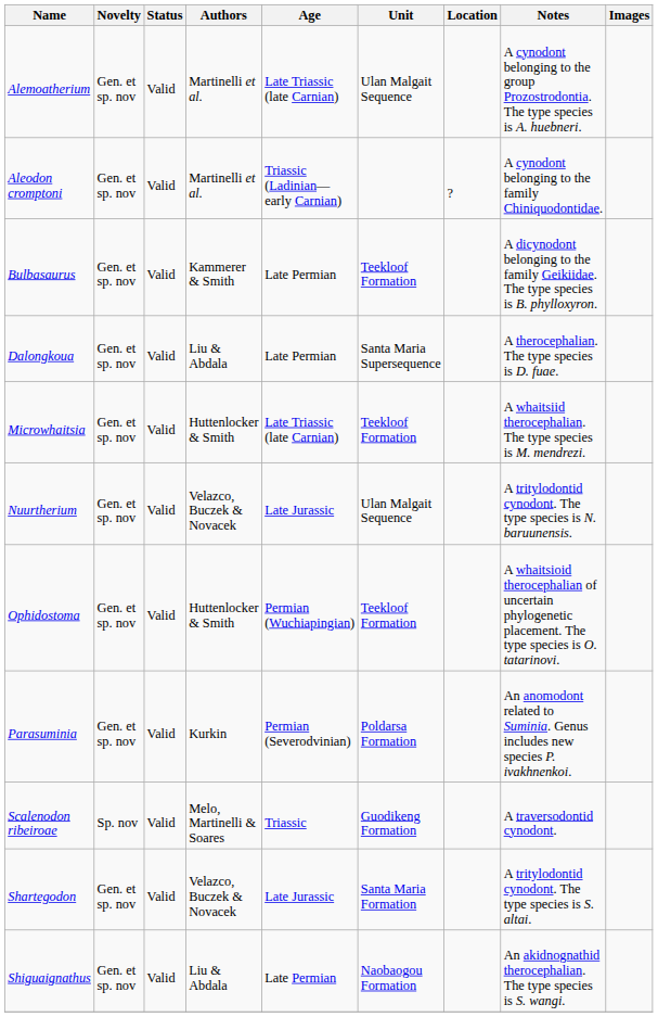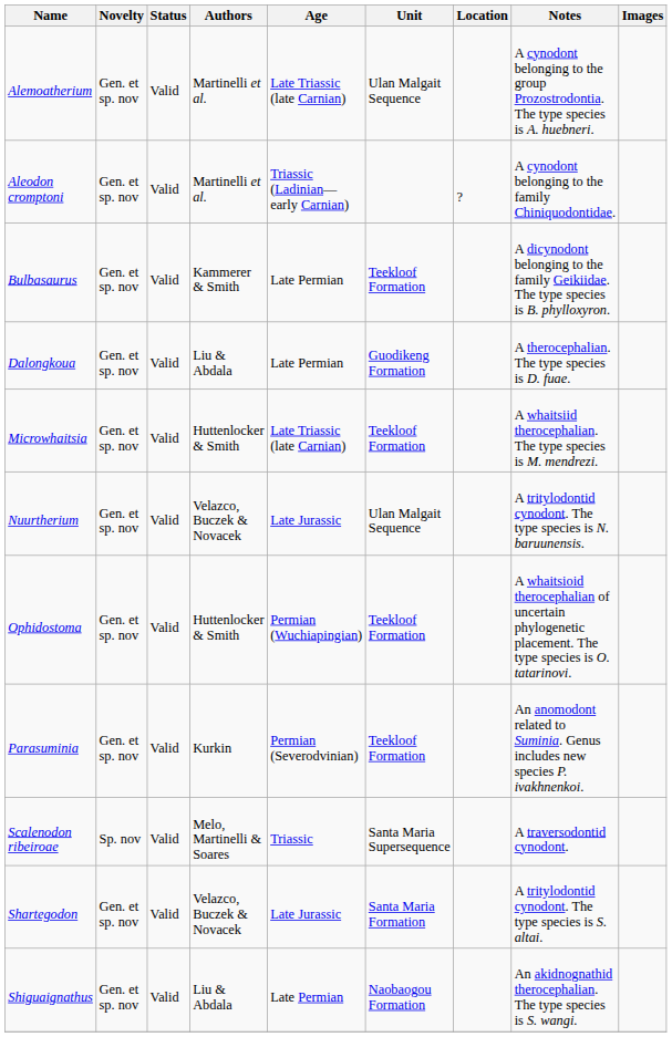 <table class="wikitable sortable" align="center" width="100%">
 <tr>
 <th>Name</th>
 <th>Novelty</th>
 <th>Status</th>
 <th>Authors</th>
 <th>Age</th>
 <th>Unit</th>
 <th>Location</th>
 <th>Notes</th>
 <th>Images</th>
 </tr>
 <tr>
 <td><br><em><a href='#'>Alemoatherium</a></em></td>
 <td><br>Gen. et sp. nov</td>
 <td><br>Valid</td>
 <td><br>Martinelli <em>et al.</em></td>
 <td><br><a href='#'>Late Triassic</a> (late <a href='#'>Carnian</a>)</td>
 <td><br>Ulan Malgait Sequence</td>
 <td><br></td>
 <td><br>A <a href='#'>cynodont</a> belonging to the group <a href='#'>Prozostrodontia</a>. The type species is <em>A. huebneri</em>.</td>
 <td></td>
 </tr>
 <tr>
 <td><br><em><a href='#'>Aleodon cromptoni</a></em></td>
 <td><br>Gen. et sp. nov</td>
 <td><br>Valid</td>
 <td><br>Martinelli <em>et al.</em></td>
 <td><br><a href='#'>Triassic</a> (<a href='#'>Ladinian</a>—early <a href='#'>Carnian</a>)</td>
 <td></td>
 <td><br><br> ?</td>
 <td><br>A <a href='#'>cynodont</a> belonging to the family <a href='#'>Chiniquodontidae</a>.</td>
 <td></td>
 </tr>
 <tr>
 <td><br><em><a href='#'>Bulbasaurus</a></em></td>
 <td><br>Gen. et sp. nov</td>
 <td><br>Valid</td>
 <td><br>Kammerer & Smith</td>
 <td><br>Late Permian</td>
 <td><br><a href='#'>Teekloof Formation</a></td>
 <td><br></td>
 <td><br>A <a href='#'>dicynodont</a> belonging to the family <a href='#'>Geikiidae</a>. The type species is <em>B. phylloxyron</em>.</td>
 <td></td>
 </tr>
 <tr>
 <td><br><em><a href='#'>Dalongkoua</a></em></td>
 <td><br>Gen. et sp. nov</td>
 <td><br>Valid</td>
 <td><br>Liu & Abdala</td>
 <td><br>Late Permian</td>
-<td><br>Santa Maria Supersequence</td>
+<td><br><a href='#'>Guodikeng Formation</a></td>
 <td><br></td>
 <td><br>A <a href='#'>therocephalian</a>. The type species is <em>D. fuae</em>.</td>
 <td></td>
 </tr>
 <tr>
 <td><br><em><a href='#'>Microwhaitsia</a></em></td>
 <td><br>Gen. et sp. nov</td>
 <td><br>Valid</td>
 <td><br>Huttenlocker & Smith</td>
 <td><br><a href='#'>Late Triassic</a> (late <a href='#'>Carnian</a>)</td>
 <td><br><a href='#'>Teekloof Formation</a></td>
 <td><br></td>
 <td><br>A <a href='#'>whaitsiid</a> <a href='#'>therocephalian</a>. The type species is <em>M. mendrezi</em>.</td>
 <td></td>
 </tr>
 <tr>
 <td><br><em><a href='#'>Nuurtherium</a></em></td>
 <td><br>Gen. et sp. nov</td>
 <td><br>Valid</td>
 <td><br>Velazco, Buczek & Novacek</td>
 <td><br><a href='#'>Late Jurassic</a></td>
 <td><br>Ulan Malgait Sequence</td>
 <td><br></td>
 <td><br>A <a href='#'>tritylodontid</a> <a href='#'>cynodont</a>. The type species is <em>N. baruunensis</em>.</td>
 <td></td>
 </tr>
 <tr>
 <td><br><em><a href='#'>Ophidostoma</a></em></td>
 <td><br>Gen. et sp. nov</td>
 <td><br>Valid</td>
 <td><br>Huttenlocker & Smith</td>
 <td><br><a href='#'>Permian</a> (<a href='#'>Wuchiapingian</a>)</td>
 <td><br><a href='#'>Teekloof Formation</a></td>
 <td><br></td>
 <td><br>A <a href='#'>whaitsioid</a> <a href='#'>therocephalian</a> of uncertain phylogenetic placement. The type species is <em>O. tatarinovi</em>.</td>
 <td></td>
 </tr>
 <tr>
 <td><br><em><a href='#'>Parasuminia</a></em></td>
 <td><br>Gen. et sp. nov</td>
 <td><br>Valid</td>
 <td><br>Kurkin</td>
 <td><br><a href='#'>Permian</a> (Severodvinian)</td>
-<td><br><a href='#'>Poldarsa Formation</a></td>
+<td><br><a href='#'>Teekloof Formation</a></td>
 <td><br></td>
 <td><br>An <a href='#'>anomodont</a> related to <em><a href='#'>Suminia</a></em>. Genus includes new species <em>P. ivakhnenkoi</em>.</td>
 <td></td>
 </tr>
 <tr>
 <td><br><em><a href='#'>Scalenodon ribeiroae</a></em></td>
 <td><br>Sp. nov</td>
 <td><br>Valid</td>
 <td><br>Melo, Martinelli & Soares</td>
 <td><br><a href='#'>Triassic</a></td>
-<td><br><a href='#'>Guodikeng Formation</a></td>
+<td><br>Santa Maria Supersequence</td>
 <td><br></td>
 <td><br>A <a href='#'>traversodontid</a> <a href='#'>cynodont</a>.</td>
 <td></td>
 </tr>
 <tr>
 <td><br><em><a href='#'>Shartegodon</a></em></td>
 <td><br>Gen. et sp. nov</td>
 <td><br>Valid</td>
 <td><br>Velazco, Buczek & Novacek</td>
 <td><br><a href='#'>Late Jurassic</a></td>
 <td><br><a href='#'>Santa Maria Formation</a></td>
 <td><br></td>
 <td><br>A <a href='#'>tritylodontid</a> <a href='#'>cynodont</a>. The type species is <em>S. altai</em>.</td>
 <td></td>
 </tr>
 <tr>
 <td><br><em><a href='#'>Shiguaignathus</a></em></td>
 <td><br>Gen. et sp. nov</td>
 <td><br>Valid</td>
 <td><br>Liu & Abdala</td>
 <td><br>Late <a href='#'>Permian</a></td>
 <td><br><a href='#'>Naobaogou Formation</a></td>
 <td><br></td>
 <td><br>An <a href='#'>akidnognathid</a> <a href='#'>therocephalian</a>. The type species is <em>S. wangi</em>.</td>
 <td></td>
 </tr>
 <tr>
 </tr>
 </table>
